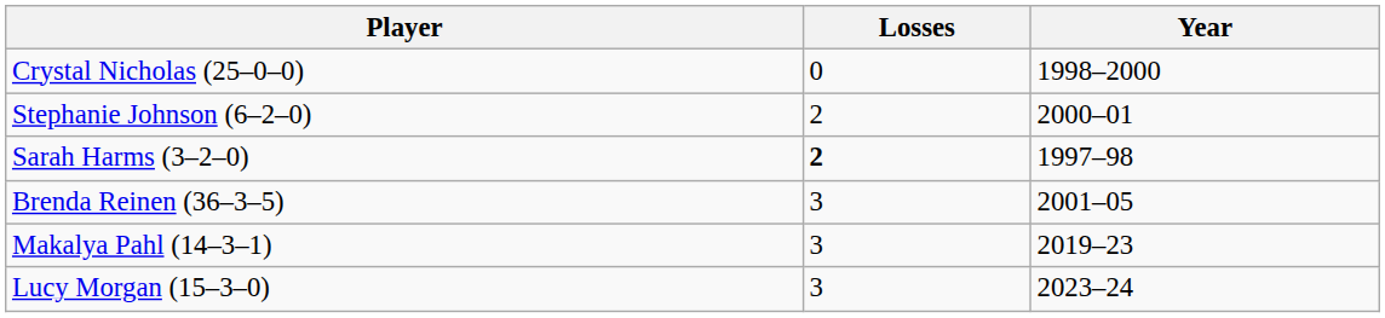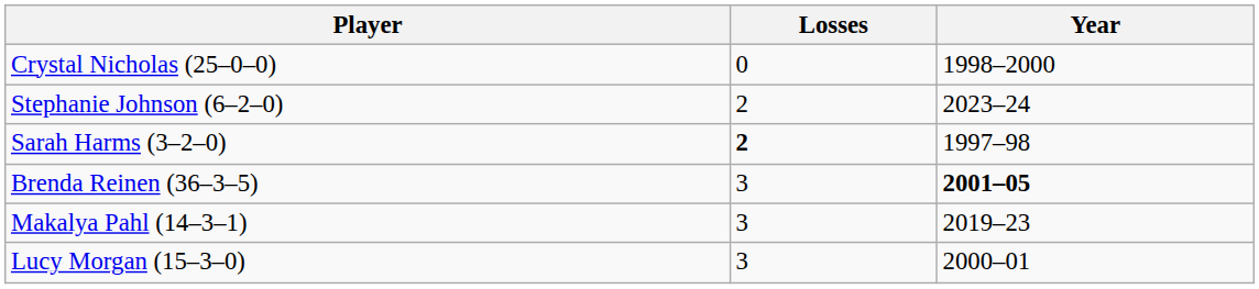 <table class="wikitable" style="width: 50em">
 <tr>
 <th>Player</th>
 <th>Losses</th>
 <th>Year</th>
 </tr>
 <tr>
 <td><a href='#'>Crystal Nicholas</a> (25–0–0)</td>
 <td>0</td>
 <td>1998–2000</td>
 </tr>
 <tr>
 <td><a href='#'>Stephanie Johnson</a> (6–2–0)</td>
 <td>2</td>
-<td>2000–01</td>
+<td>2023–24</td>
 </tr>
 <tr>
 <td><a href='#'>Sarah Harms</a> (3–2–0)</td>
 <td><strong>2</strong></td>
 <td>1997–98</td>
 </tr>
 <tr>
 <td><a href='#'>Brenda Reinen</a> (36–3–5)</td>
 <td>3</td>
-<td>2001–05</td>
+<td><strong>2001–05</strong></td>
 </tr>
 <tr>
 <td><a href='#'>Makalya Pahl</a> (14–3–1)</td>
 <td>3</td>
 <td>2019–23</td>
 </tr>
 <tr>
 <td><a href='#'>Lucy Morgan</a> (15–3–0)</td>
 <td>3</td>
-<td>2023–24</td>
+<td>2000–01</td>
 </tr>
 </table>
